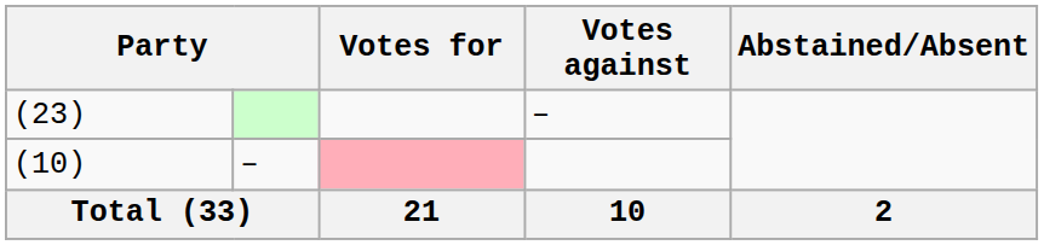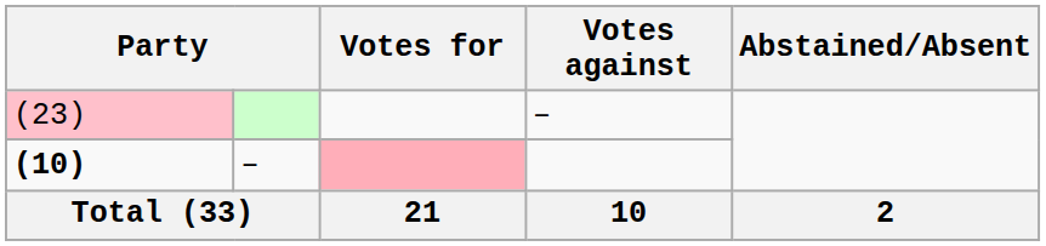 <table class="wikitable" style="width:50%;">
 <tr>
 <th colspan="2">Party</th>
 <th style="width:20%;">Votes for</th>
 <th style="width:20%;">Votes against</th>
 <th style="width:20%;">Abstained/Absent</th>
 </tr>
 <tr>
-<td> (23)</td>
+<td style="background: pink;"> (23)</td>
 <td style="background-color:#cfc;"></td>
 <td></td>
 <td>–</td>
 </tr>
 <tr>
-<td> (10)</td>
+<td><strong> (10)</strong></td>
 <td>–</td>
 <td style="background-color:#ffaeb9;"></td>
 <td></td>
 </tr>
 <tr>
 <th colspan="2">Total (33)</th>
 <th>21</th>
 <th>10</th>
 <th>2</th>
 </tr>
 </table>
